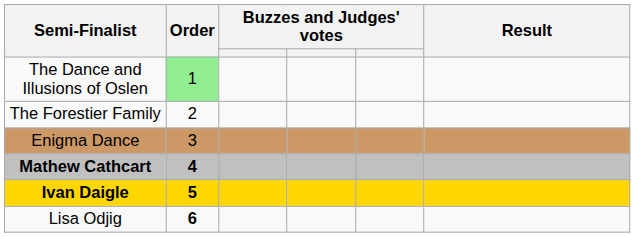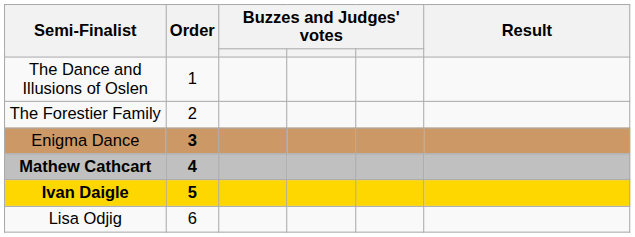 <table class="wikitable plainrowheaders sortable" style="text-align:center;">
 <tr>
 <th scope="col" rowspan="2" class="unsortable" style="width:17em;">Semi-Finalist</th>
 <th scope="col" rowspan="2" style="width:1em;">Order</th>
 <th scope="col" colspan="3" class="unsortable" style="width:24em;">Buzzes and Judges' votes</th>
 <th scope="col" rowspan="2" style="width:25em;">Result</th>
 </tr>
 <tr>
 <th scope="col" class="unsortable" style="width:6em;"></th>
 <th scope="col" class="unsortable" style="width:6em;"></th>
 <th scope="col" class="unsortable" style="width:6em;"></th>
 </tr>
 <tr>
 <td>The Dance and Illusions of Oslen</td>
-<td style="background: lightgreen;">1</td>
+<td>1</td>
 <td style="text-align:center"></td>
 <td style="text-align:center"></td>
 <td style="text-align:center"></td>
 <td></td>
 </tr>
 <tr>
 <td>The Forestier Family</td>
 <td>2</td>
 <td style="text-align:center"></td>
 <td style="text-align:center"></td>
 <td style="text-align:center"></td>
 <td></td>
 </tr>
 <tr style="background:#c96;">
 <td>Enigma Dance</td>
-<td>3</td>
+<td><strong>3</strong></td>
 <td style="text-align:center"></td>
 <td style="text-align:center"></td>
 <td style="text-align:center"></td>
 <td></td>
 </tr>
 <tr style="background:silver;">
 <td><strong>Mathew Cathcart</strong></td>
 <td><strong>4</strong></td>
 <td style="text-align:center"></td>
 <td style="text-align:center"></td>
 <td style="text-align:center"></td>
 <td><strong></strong></td>
 </tr>
 <tr style="background:gold;">
 <td><strong>Ivan Daigle</strong></td>
 <td><strong>5</strong></td>
 <td style="text-align:center"></td>
 <td style="text-align:center"></td>
 <td style="text-align:center"></td>
 <td><strong></strong></td>
 </tr>
 <tr>
 <td>Lisa Odjig</td>
-<td><strong>6</strong></td>
+<td>6</td>
 <td style="text-align:center"></td>
 <td style="text-align:center"></td>
 <td style="text-align:center"></td>
 <td></td>
 </tr>
 </table>
